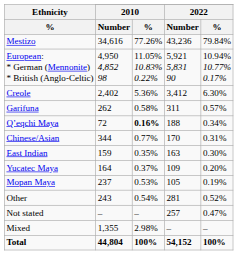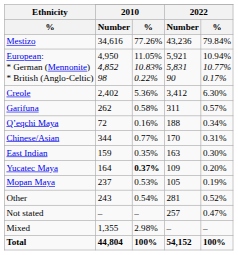 <table class="wikitable sortable left" style="font-size: 90%;">
 <tr>
 <th rowspan="2">Ethnicity</th>
 </tr>
 <tr>
 <th colspan="2">2010</th>
 <th colspan="2">2022</th>
 </tr>
 <tr>
 <th>%</th>
 <th>Number</th>
 <th>%</th>
 <th>Number</th>
 <th>%</th>
 </tr>
 <tr>
 <td><a href='#'>Mestizo</a></td>
 <td>34,616</td>
 <td>77.26%</td>
 <td>43,236</td>
 <td>79.84%</td>
 </tr>
 <tr>
 <td><a href='#'>European</a>:<br>* German (<a href='#'>Mennonite</a>)<br>* British (Anglo-Celtic)</td>
 <td>4,950<br><em>4,852<br>98</em></td>
 <td>11.05%<br><em>10.83%<br>0.22%</em></td>
 <td>5,921<br><em>5,831<br>90</em></td>
 <td>10.94%<br><em>10.77%<br>0.17%</em></td>
 </tr>
 <tr>
 <td><a href='#'>Creole</a></td>
 <td>2,402</td>
 <td>5.36%</td>
 <td>3,412</td>
 <td>6.30%</td>
 </tr>
 <tr>
 <td><a href='#'>Garifuna</a></td>
 <td>262</td>
 <td>0.58%</td>
 <td>311</td>
 <td>0.57%</td>
 </tr>
 <tr>
 <td><a href='#'>Qʼeqchi Maya</a></td>
 <td>72</td>
-<td><strong>0.16%</strong></td>
+<td>0.16%</td>
 <td>188</td>
 <td>0.34%</td>
 </tr>
 <tr>
 <td><a href='#'>Chinese/Asian</a></td>
 <td>344</td>
 <td>0.77%</td>
 <td>170</td>
 <td>0.31%</td>
 </tr>
 <tr>
 <td><a href='#'>East Indian</a></td>
 <td>159</td>
 <td>0.35%</td>
 <td>163</td>
 <td>0.30%</td>
 </tr>
 <tr>
 <td><a href='#'>Yucatec Maya</a></td>
 <td>164</td>
-<td>0.37%</td>
+<td><strong>0.37%</strong></td>
 <td>109</td>
 <td>0.20%</td>
 </tr>
 <tr>
 <td><a href='#'>Mopan Maya</a></td>
 <td>237</td>
 <td>0.53%</td>
 <td>105</td>
 <td>0.19%</td>
 </tr>
 <tr>
 <td>Other</td>
 <td>243</td>
 <td>0.54%</td>
 <td>281</td>
 <td>0.52%</td>
 </tr>
 <tr>
 <td>Not stated</td>
 <td>–</td>
 <td>–</td>
 <td>257</td>
 <td>0.47%</td>
 </tr>
 <tr>
 <td>Mixed</td>
 <td>1,355</td>
 <td>2.98%</td>
 <td>–</td>
 <td>–</td>
 </tr>
 <tr>
 <td><strong>Total</strong></td>
 <td><strong>44,804</strong></td>
 <td><strong>100%</strong></td>
 <td><strong>54,152</strong></td>
 <td><strong>100%</strong></td>
 </tr>
 </table>
